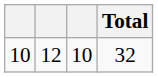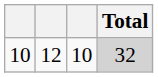 <table class="wikitable">
 <tr>
 <th></th>
 <th></th>
 <th></th>
 <th>Total</th>
 </tr>
 <tr style="text-align:center;">
 <td>10</td>
 <td>12</td>
 <td>10</td>
-<td>32</td>
+<td style="background: lightgrey;">32</td>
 </tr>
 </table>
